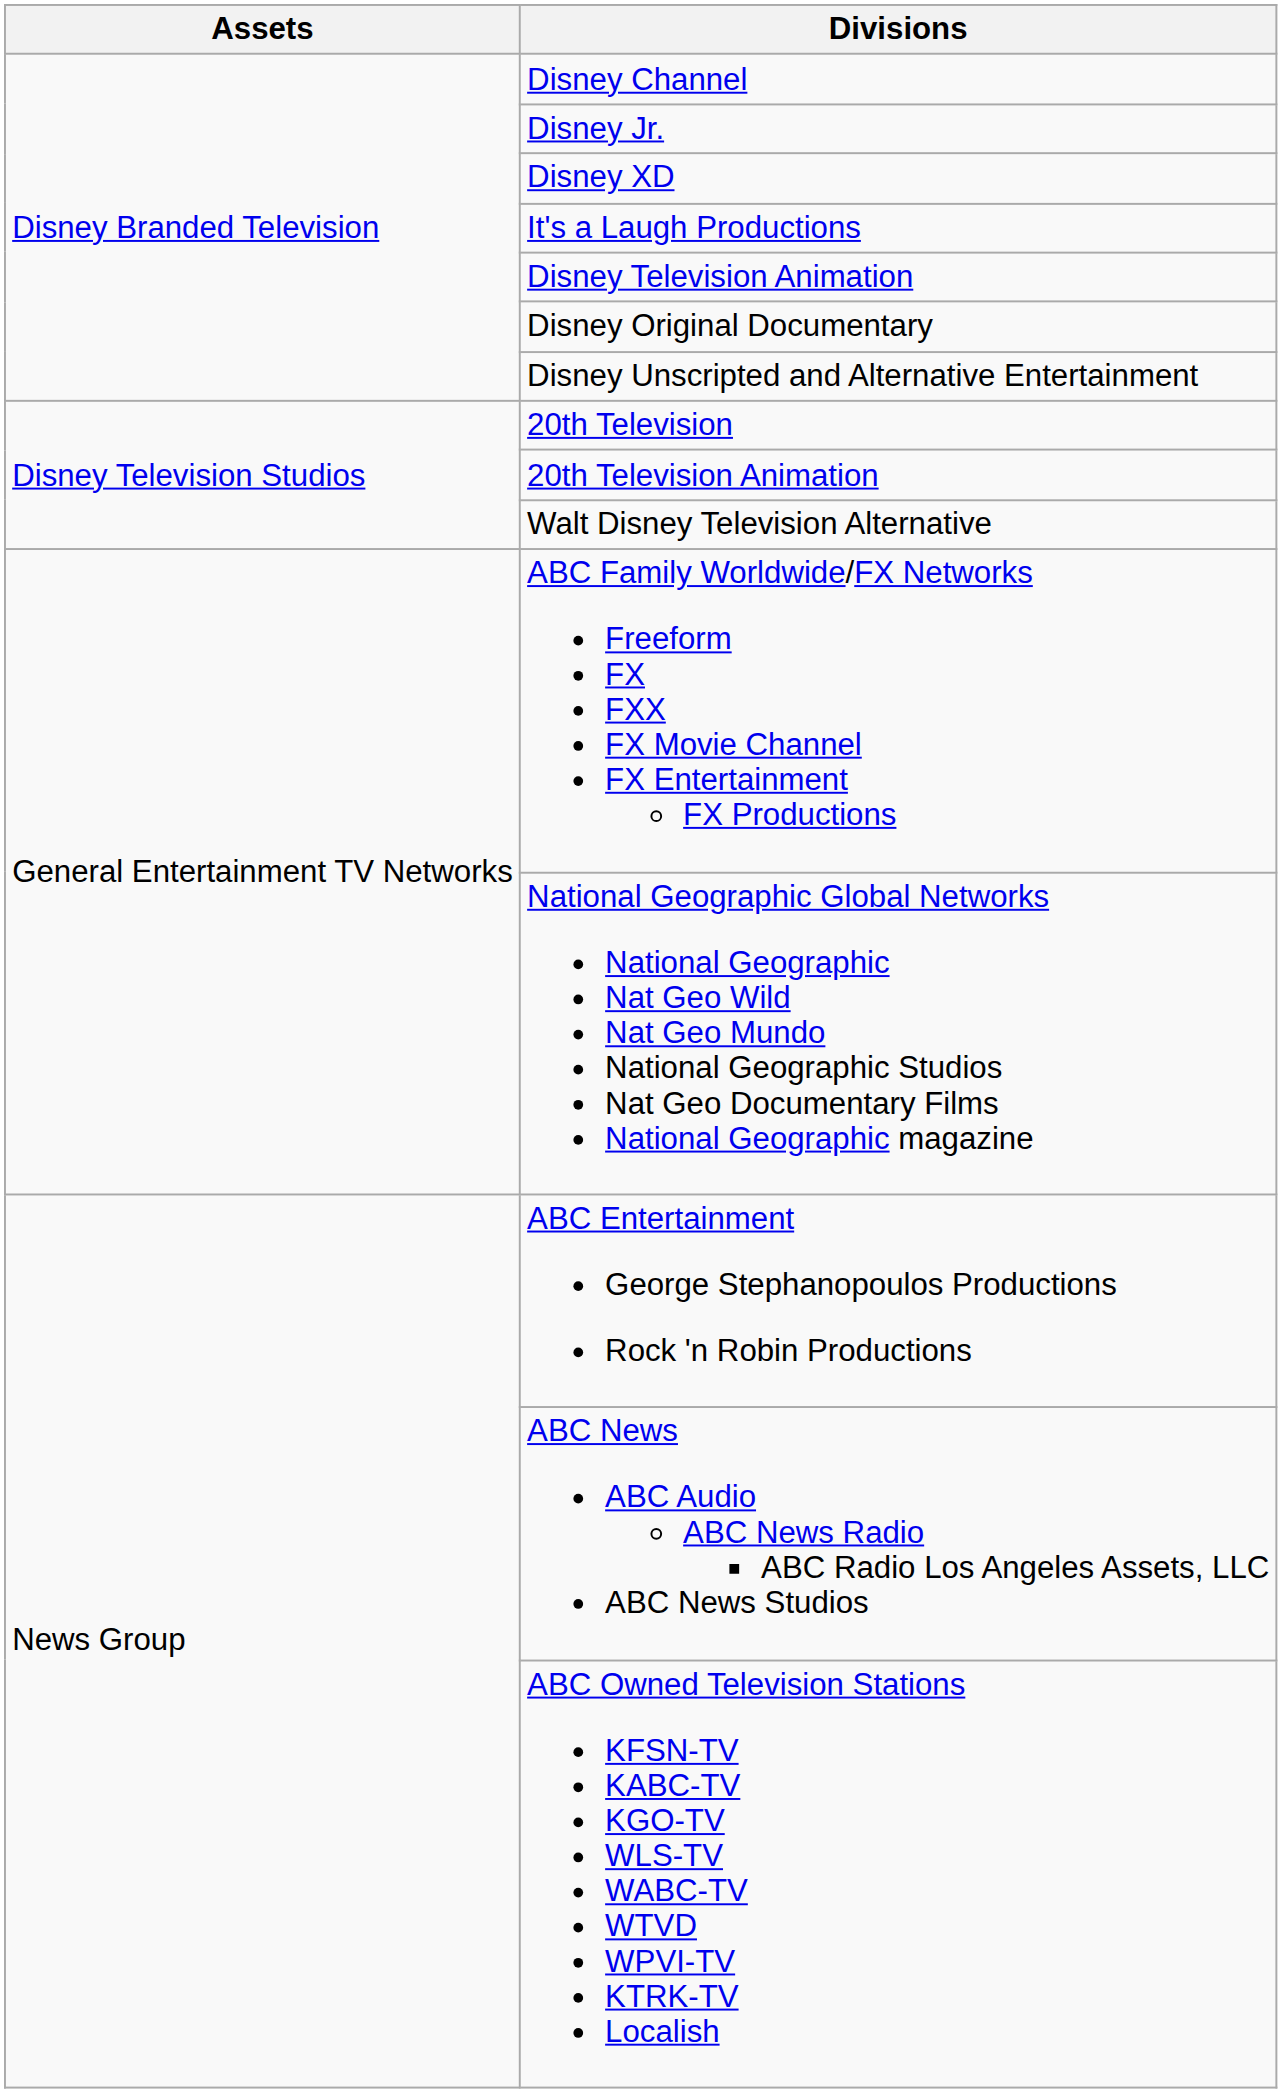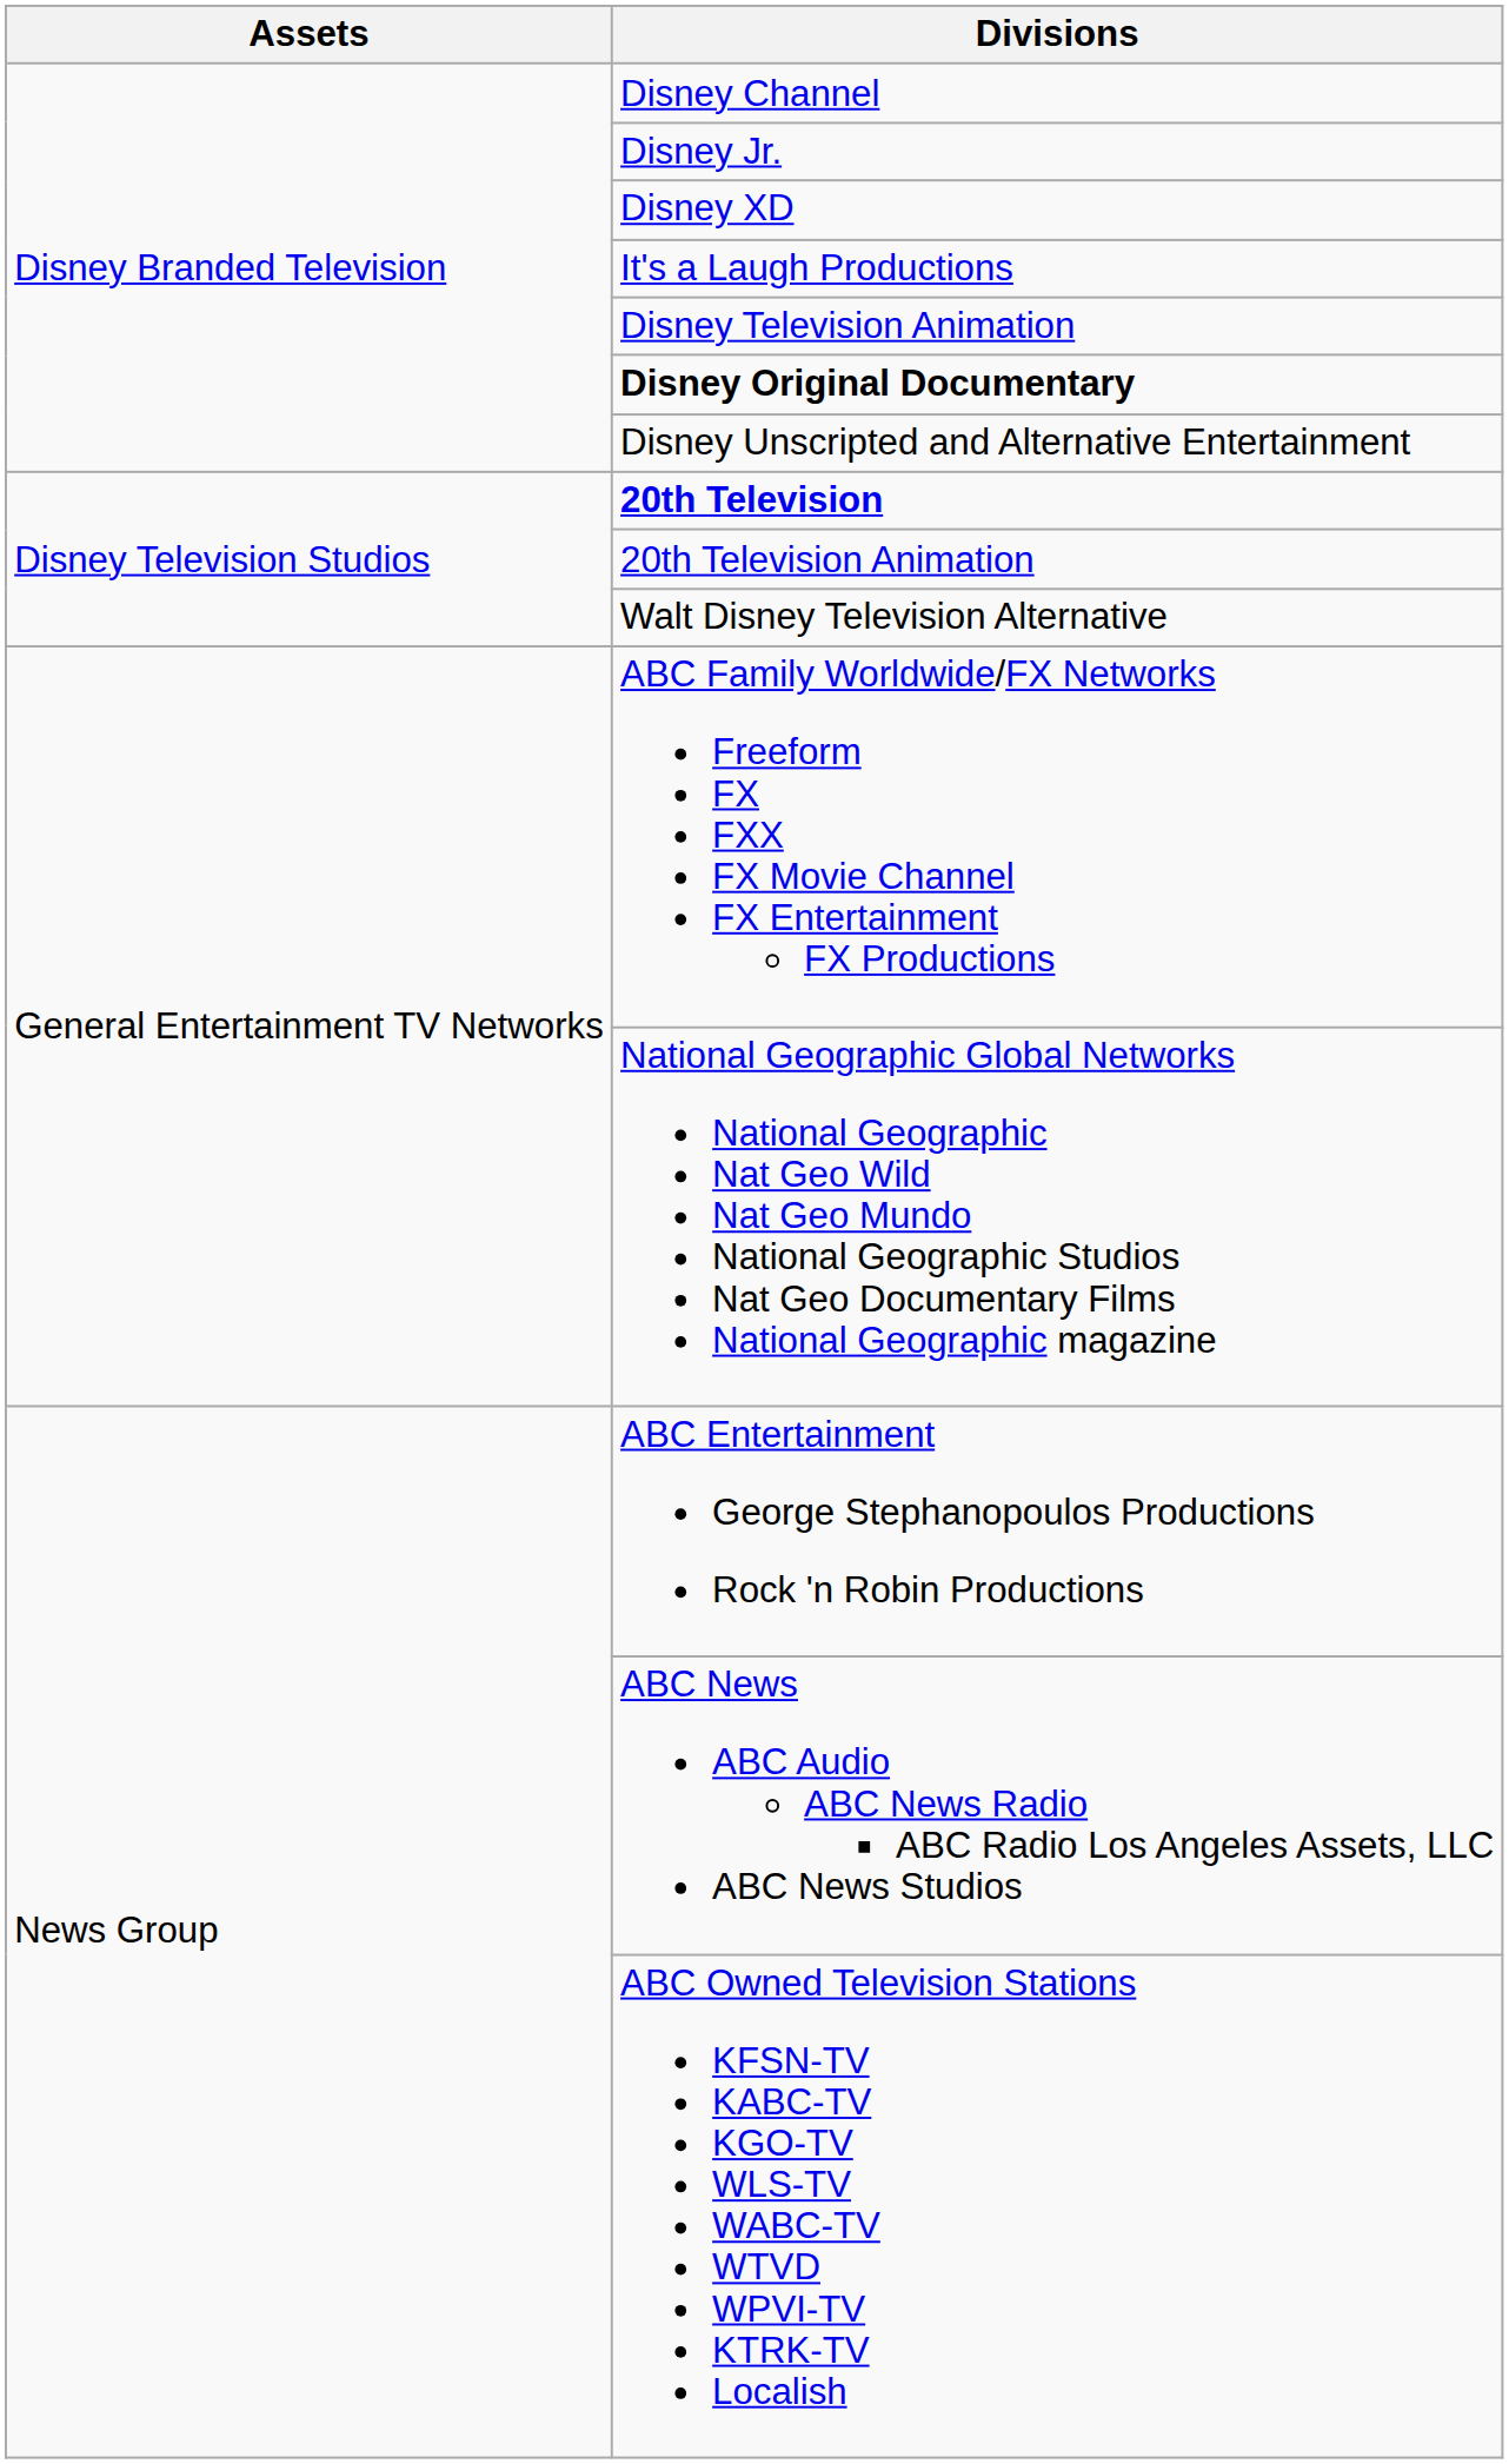 <table class="wikitable">
 <tr>
 <th>Assets</th>
 <th>Divisions</th>
 </tr>
 <tr>
 <td rowspan="7"><a href='#'>Disney Branded Television</a></td>
 <td><a href='#'>Disney Channel</a></td>
 </tr>
 <tr>
 <td><a href='#'>Disney Jr.</a></td>
 </tr>
 <tr>
 <td><a href='#'>Disney XD</a></td>
 </tr>
 <tr>
 <td><a href='#'>It's a Laugh Productions</a></td>
 </tr>
 <tr>
 <td><a href='#'>Disney Television Animation</a></td>
 </tr>
 <tr>
-<td>Disney Original Documentary</td>
+<td><strong>Disney Original Documentary</strong></td>
 </tr>
 <tr>
 <td>Disney Unscripted and Alternative Entertainment</td>
 </tr>
 <tr>
 <td rowspan="3"><a href='#'>Disney Television Studios</a></td>
-<td><a href='#'>20th Television</a></td>
+<td><strong><a href='#'>20th Television</a></strong></td>
 </tr>
 <tr>
 <td><a href='#'>20th Television Animation</a></td>
 </tr>
 <tr>
 <td>Walt Disney Television Alternative</td>
 </tr>
 <tr>
 <td rowspan="2">General Entertainment TV Networks</td>
 <td><a href='#'>ABC Family Worldwide</a>/<a href='#'>FX Networks</a><br><ul><li><a href='#'>Freeform</a></li><li><a href='#'>FX</a></li><li><a href='#'>FXX</a></li><li><a href='#'>FX Movie Channel</a></li><li><a href='#'>FX Entertainment</a><ul><li><a href='#'>FX Productions</a></li></ul></li></ul></td>
 </tr>
 <tr>
 <td><a href='#'>National Geographic Global Networks</a><br><ul><li><a href='#'>National Geographic</a></li><li><a href='#'>Nat Geo Wild</a></li><li><a href='#'>Nat Geo Mundo</a></li><li>National Geographic Studios</li><li>Nat Geo Documentary Films</li><li><a href='#'>National Geographic</a> magazine</li></ul></td>
 </tr>
 <tr>
 <td rowspan="3">News Group</td>
 <td><a href='#'>ABC Entertainment</a><br><ul><li>George Stephanopoulos Productions</li></ul><ul><li>Rock 'n Robin Productions</li></ul></td>
 </tr>
 <tr>
 <td><a href='#'>ABC News</a><br><ul><li><a href='#'>ABC Audio</a><ul><li><a href='#'>ABC News Radio</a><ul><li>ABC Radio Los Angeles Assets, LLC</li></ul></li></ul></li><li>ABC News Studios</li></ul></td>
 </tr>
 <tr>
 <td><a href='#'>ABC Owned Television Stations</a><br><ul><li><a href='#'>KFSN-TV</a></li><li><a href='#'>KABC-TV</a></li><li><a href='#'>KGO-TV</a></li><li><a href='#'>WLS-TV</a></li><li><a href='#'>WABC-TV</a></li><li><a href='#'>WTVD</a></li><li><a href='#'>WPVI-TV</a></li><li><a href='#'>KTRK-TV</a></li><li><a href='#'>Localish</a></li></ul></td>
 </tr>
 </table>
